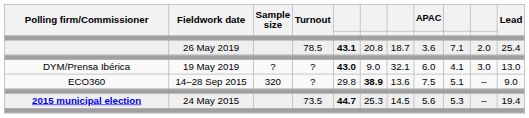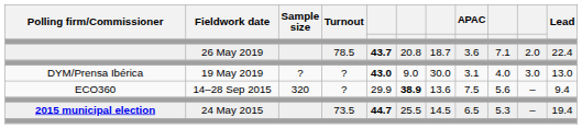 <table class="wikitable collapsible collapsed" style="text-align:center; font-size:95%; line-height:16px;">
 <tr style="height:42px;">
 <th style="width:250px;" rowspan="2">Polling firm/Commissioner</th>
 <th style="width:125px;" rowspan="2">Fieldwork date</th>
 <th style="width:50px;" rowspan="2">Sample size</th>
 <th style="width:45px;" rowspan="2">Turnout</th>
 <th style="width:35px;"></th>
 <th style="width:35px;"></th>
 <th style="width:35px;"></th>
 <th style="width:35px; font-size:95%;">APAC</th>
 <th style="width:35px;"></th>
 <th style="width:35px;"></th>
 <th style="width:30px;" rowspan="2">Lead</th>
 </tr>
 <tr>
 <th style="color:inherit;background:"></th>
 <th style="color:inherit;background:"></th>
 <th style="color:inherit;background:"></th>
 <th style="color:inherit;background:"></th>
 <th style="color:inherit;background:"></th>
 <th style="color:inherit;background:"></th>
 </tr>
 <tr>
 <td colspan="11" style="background:#A0A0A0"></td>
 </tr>
 <tr style="background:#EFEFEF;">
 <td><strong></strong></td>
 <td>26 May 2019</td>
 <td></td>
 <td>78.5</td>
-<td><strong>43.1</strong><br></td>
+<td><strong>43.7</strong><br></td>
 <td>20.8<br></td>
 <td>18.7<br></td>
 <td>3.6<br></td>
 <td>7.1<br></td>
 <td>2.0<br></td>
-<td style="background:">25.4</td>
+<td style="background:">22.4</td>
 </tr>
 <tr>
 <td colspan="11" style="background:#A0A0A0"></td>
 </tr>
 <tr>
 <td>DYM/Prensa Ibérica</td>
 <td>19 May 2019</td>
 <td>?</td>
 <td>?</td>
 <td><strong>43.0</strong><br></td>
 <td>9.0<br></td>
-<td>32.1<br></td>
-<td>6.0<br></td>
-<td>4.1<br></td>
+<td>30.0<br></td>
+<td>3.1<br></td>
+<td>4.0<br></td>
 <td>3.0<br></td>
 <td style="background:">13.0</td>
 </tr>
 <tr>
 <td>ECO360</td>
 <td>14–28 Sep 2015</td>
 <td>320</td>
 <td>?</td>
-<td>29.8<br></td>
+<td>29.9<br></td>
 <td><strong>38.9</strong><br></td>
 <td>13.6<br></td>
 <td>7.5<br></td>
-<td>5.1<br></td>
+<td>5.6<br></td>
 <td>–</td>
-<td style="background:">9.0</td>
+<td style="background:">9.4</td>
 </tr>
 <tr>
 <td colspan="11" style="background:#A0A0A0"></td>
 </tr>
 <tr style="background:#EFEFEF;">
 <td><strong><a href='#'>2015 municipal election</a></strong></td>
 <td>24 May 2015</td>
 <td></td>
 <td>73.5</td>
 <td><strong>44.7</strong><br></td>
-<td>25.3<br></td>
+<td>25.5<br></td>
 <td>14.5<br></td>
-<td>5.6<br></td>
+<td>6.5<br></td>
 <td>5.3<br></td>
 <td>–</td>
 <td style="background:">19.4</td>
 </tr>
 <tr>
 <td colspan="11" style="background:#A0A0A0"></td>
 </tr>
 </table>
